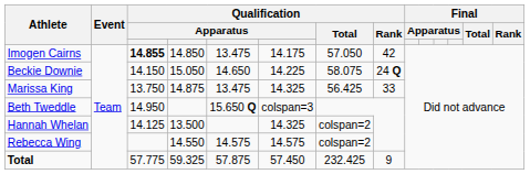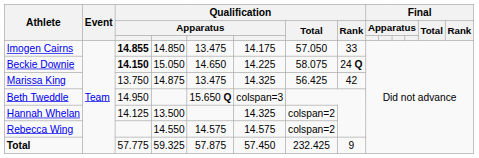 <table class="wikitable" style="font-size:90%">
 <tr>
 <th rowspan="3">Athlete</th>
 <th rowspan="3">Event</th>
 <th colspan=6>Qualification</th>
 <th colspan=6>Final</th>
 </tr>
 <tr style="font-size:95%">
 <th colspan=4>Apparatus</th>
 <th rowspan=2>Total</th>
 <th rowspan=2>Rank</th>
 <th colspan=4>Apparatus</th>
 <th rowspan=2>Total</th>
 <th rowspan=2>Rank</th>
 </tr>
 <tr style="font-size:95%">
 <th></th>
 <th></th>
 <th></th>
 <th></th>
 <th></th>
 <th></th>
 <th></th>
 <th></th>
 </tr>
 <tr align=center>
 <td align=left><a href='#'>Imogen Cairns</a></td>
 <td rowspan=7 align=left><a href='#'>Team</a></td>
 <td><strong>14.855</strong></td>
 <td>14.850</td>
 <td>13.475</td>
 <td>14.175</td>
 <td>57.050</td>
-<td>42</td>
+<td>33</td>
 <td colspan=6 rowspan=7>Did not advance</td>
 </tr>
 <tr align=center>
 <td align=left><a href='#'>Beckie Downie</a></td>
-<td>14.150</td>
+<td><strong>14.150</strong></td>
 <td>15.050</td>
 <td>14.650</td>
 <td>14.225</td>
 <td>58.075</td>
 <td>24 <strong>Q</strong></td>
 </tr>
 <tr align=center>
 <td align=left><a href='#'>Marissa King</a></td>
 <td>13.750</td>
 <td>14.875</td>
 <td>13.475</td>
 <td>14.325</td>
 <td>56.425</td>
-<td>33</td>
+<td>42</td>
 </tr>
 <tr align=center>
 <td align=left><a href='#'>Beth Tweddle</a></td>
 <td>14.950</td>
 <td></td>
 <td>15.650 <strong>Q</strong></td>
 <td>colspan=3 </td>
 </tr>
 <tr align=center>
 <td align=left><a href='#'>Hannah Whelan</a></td>
 <td>14.125</td>
 <td>13.500</td>
 <td></td>
 <td>14.325</td>
 <td>colspan=2 </td>
 </tr>
 <tr align=center>
 <td align=left><a href='#'>Rebecca Wing</a></td>
 <td></td>
 <td>14.550</td>
 <td>14.575</td>
 <td>14.575</td>
 <td>colspan=2 </td>
 </tr>
 <tr align=center>
 <td align=left><strong>Total</strong></td>
 <td>57.775</td>
 <td>59.325</td>
 <td>57.875</td>
 <td>57.450</td>
 <td>232.425</td>
 <td>9</td>
 </tr>
 </table>
